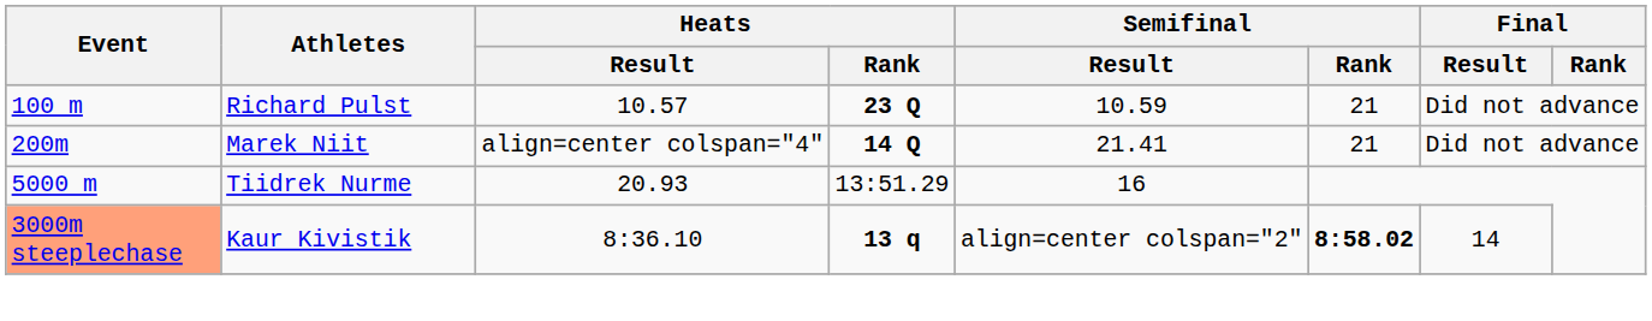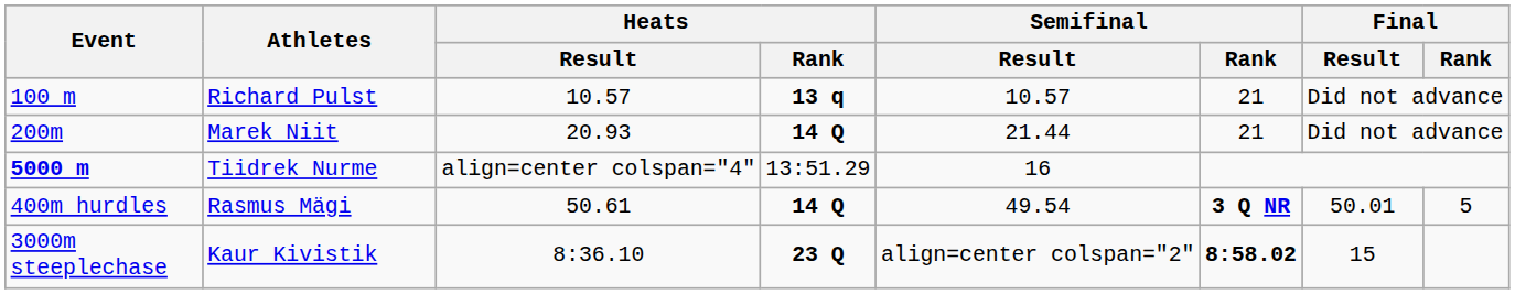 <table class="wikitable" border="1" style="font-size:90%">
 <tr>
 <th rowspan="2" width=100>Event</th>
 <th rowspan="2" width=120>Athletes</th>
 <th colspan="2">Heats</th>
 <th colspan="2">Semifinal</th>
 <th colspan="2">Final</th>
 </tr>
 <tr>
 <th>Result</th>
 <th>Rank</th>
 <th>Result</th>
 <th>Rank</th>
 <th>Result</th>
 <th>Rank</th>
 </tr>
 <tr>
 <td><a href='#'>100 m</a></td>
 <td><a href='#'>Richard Pulst</a></td>
 <td align=center>10.57</td>
-<td align=center><strong>23 Q</strong></td>
-<td align=center>10.59</td>
+<td align=center><strong>13 q</strong></td>
+<td align=center>10.57</td>
 <td align=center>21</td>
 <td align=center colspan="2">Did not advance</td>
 </tr>
 <tr>
 <td><a href='#'>200m</a></td>
 <td><a href='#'>Marek Niit</a></td>
-<td>align=center colspan="4" </td>
+<td align=center>20.93</td>
 <td align=center><strong>14 Q</strong></td>
-<td align=center>21.41</td>
+<td align=center>21.44</td>
 <td align=center>21</td>
 <td align=center colspan="2">Did not advance</td>
 </tr>
 <tr>
-<td><a href='#'>5000 m</a></td>
+<td><strong><a href='#'>5000 m</a></strong></td>
 <td><a href='#'>Tiidrek Nurme</a></td>
-<td align=center>20.93</td>
+<td>align=center colspan="4" </td>
 <td align=center>13:51.29</td>
 <td align=center>16</td>
 </tr>
 <tr>
-<td style="background: lightsalmon;"><a href='#'>3000m steeplechase</a></td>
+<td><a href='#'>400m hurdles</a></td>
+<td><a href='#'>Rasmus Mägi</a></td>
+<td align=center>50.61</td>
+<td align=center><strong>14 Q</strong></td>
+<td align=center>49.54</td>
+<td align=center><strong>3 Q <a href='#'>NR</a></strong></td>
+<td align=center>50.01</td>
+<td align=center>5</td>
+</tr>
+<tr>
+<td><a href='#'>3000m steeplechase</a></td>
 <td><a href='#'>Kaur Kivistik</a></td>
 <td align=center>8:36.10</td>
-<td align=center><strong>13 q</strong></td>
+<td align=center><strong>23 Q</strong></td>
 <td>align=center colspan="2" </td>
 <td align=center><strong>8:58.02</strong></td>
-<td align=center>14</td>
+<td align=center>15</td>
 </tr>
 </table>
